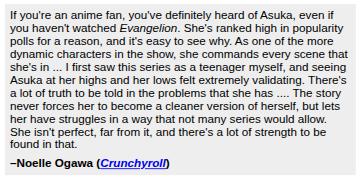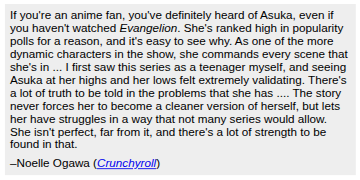 <table class="toccolours" style="float:right; margin-left:1em; margin-right:2em; font-size:85%; background:#eee; color:black; width:30em; max-width:40%;" cellspacing="5">
 <tr>
 <td style="text-align: left;">If you're an anime fan, you've definitely heard of Asuka, even if you haven't watched <em>Evangelion</em>. She's ranked high in popularity polls for a reason, and it's easy to see why. As one of the more dynamic characters in the show, she commands every scene that she's in ... I first saw this series as a teenager myself, and seeing Asuka at her highs and her lows felt extremely validating. There's a lot of truth to be told in the problems that she has .... The story never forces her to become a cleaner version of herself, but lets her have struggles in a way that not many series would allow. She isn't perfect, far from it, and there's a lot of strength to be found in that.</td>
 </tr>
 <tr>
-<td style="text-align: left;"><strong>–Noelle Ogawa (<em><a href='#'>Crunchyroll</a></em>)</strong></td>
+<td style="text-align: left;">–Noelle Ogawa (<em><a href='#'>Crunchyroll</a></em>)</td>
 </tr>
 </table>
